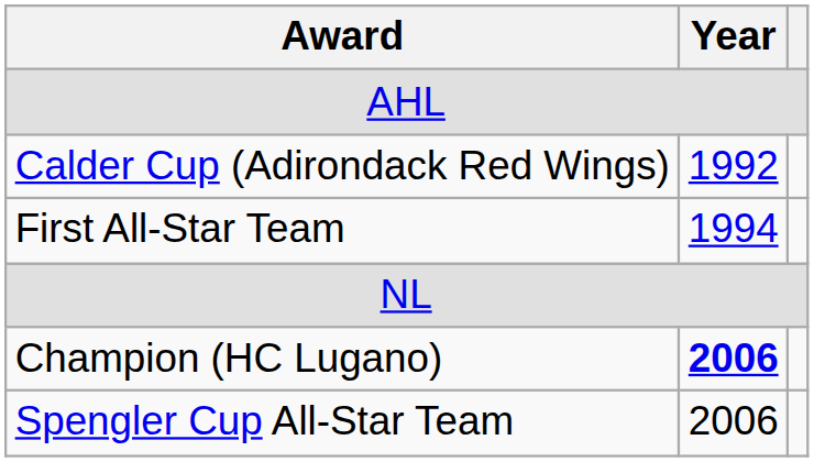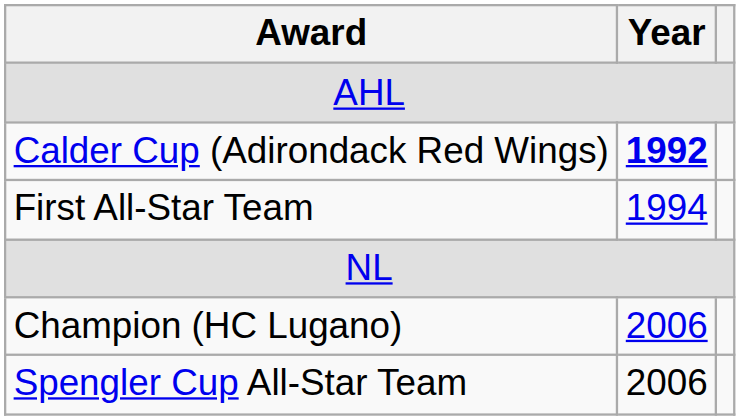 <table class="wikitable">
 <tr>
 <th>Award</th>
 <th>Year</th>
 <th></th>
 </tr>
 <tr ALIGN="center" bgcolor="#e0e0e0">
 <td colspan="3"><a href='#'>AHL</a></td>
 </tr>
 <tr>
 <td><a href='#'>Calder Cup</a> (Adirondack Red Wings)</td>
-<td><a href='#'>1992</a></td>
+<td><strong><a href='#'>1992</a></strong></td>
 <td></td>
 </tr>
 <tr>
 <td>First All-Star Team</td>
 <td><a href='#'>1994</a></td>
 <td></td>
 </tr>
 <tr ALIGN="center" bgcolor="#e0e0e0">
 <td colspan="3"><a href='#'>NL</a></td>
 </tr>
 <tr>
 <td>Champion (HC Lugano)</td>
-<td><strong><a href='#'>2006</a></strong></td>
+<td><a href='#'>2006</a></td>
 <td></td>
 </tr>
 <tr>
 <td><a href='#'>Spengler Cup</a> All-Star Team</td>
 <td>2006</td>
 <td></td>
 </tr>
 </table>
